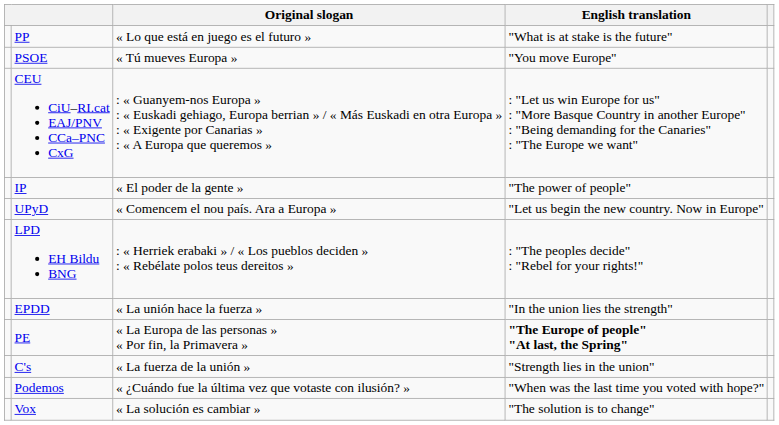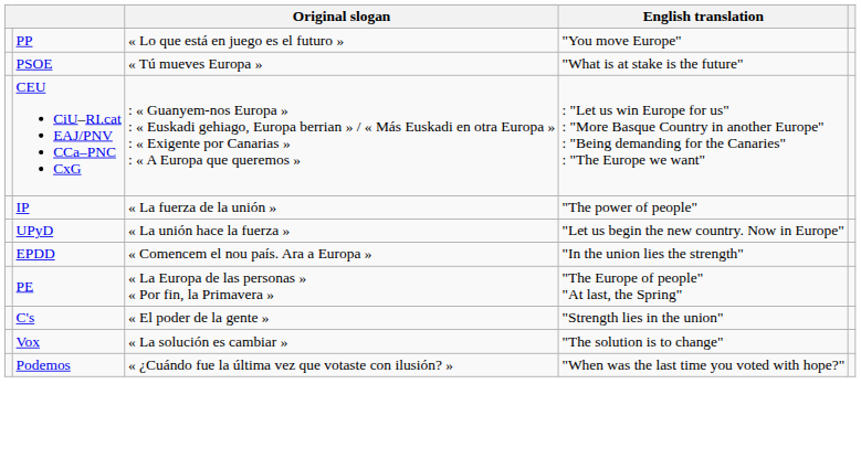 <table class="wikitable" style="text-align:left;">
 <tr>
 <th style="text-align:left;" colspan="2"></th>
 <th>Original slogan</th>
 <th>English translation</th>
 <th></th>
 </tr>
 <tr>
 <td width="1" style="color:inherit;background:"></td>
 <td><a href='#'>PP</a></td>
 <td>« Lo que está en juego es el futuro »</td>
-<td>"What is at stake is the future"</td>
+<td>"You move Europe"</td>
 <td></td>
 </tr>
 <tr>
 <td style="color:inherit;background:"></td>
 <td><a href='#'>PSOE</a></td>
 <td>« Tú mueves Europa »</td>
-<td>"You move Europe"</td>
+<td>"What is at stake is the future"</td>
 <td></td>
 </tr>
 <tr>
 <td style="color:inherit;background:"></td>
 <td><a href='#'>CEU</a><br><ul><li><a href='#'>CiU</a>–<a href='#'>RI.cat</a></li><li><a href='#'>EAJ/PNV</a></li><li><a href='#'>CCa–PNC</a></li><li><a href='#'>CxG</a></li></ul></td>
 <td>: « Guanyem-nos Europa »<br>: « Euskadi gehiago, Europa berrian » / « Más Euskadi en otra Europa »<br>: « Exigente por Canarias »<br>: « A Europa que queremos »</td>
 <td>: "Let us win Europe for us"<br>: "More Basque Country in another Europe"<br>: "Being demanding for the Canaries"<br>: "The Europe we want"</td>
 <td></td>
 </tr>
 <tr>
 <td style="color:inherit;background:"></td>
 <td><a href='#'>IP</a></td>
-<td>« El poder de la gente »</td>
+<td>« La fuerza de la unión »</td>
 <td>"The power of people"</td>
 <td></td>
 </tr>
 <tr>
 <td style="color:inherit;background:"></td>
 <td><a href='#'>UPyD</a></td>
-<td>« Comencem el nou país. Ara a Europa »</td>
+<td>« La unión hace la fuerza »</td>
 <td>"Let us begin the new country. Now in Europe"</td>
 <td><br></td>
 </tr>
 <tr>
 <td style="color:inherit;background:"></td>
-<td><a href='#'>LPD</a><br><ul><li><a href='#'>EH Bildu</a></li><li><a href='#'>BNG</a></li></ul></td>
-<td>: « Herriek erabaki » / « Los pueblos deciden »<br>: « Rebélate polos teus dereitos »</td>
-<td>: "The peoples decide"<br>: "Rebel for your rights!"</td>
-<td><br></td>
-</tr>
-<tr>
-<td style="color:inherit;background:"></td>
 <td><a href='#'>EPDD</a></td>
-<td>« La unión hace la fuerza »</td>
+<td>« Comencem el nou país. Ara a Europa »</td>
 <td>"In the union lies the strength"</td>
 <td></td>
 </tr>
 <tr>
 <td style="color:inherit;background:"></td>
 <td><a href='#'>PE</a></td>
 <td>« La Europa de las personas »<br>« Por fin, la Primavera »</td>
-<td><strong>"The Europe of people"<br>"At last, the Spring"</strong></td>
+<td>"The Europe of people"<br>"At last, the Spring"</td>
 <td><br><br></td>
 </tr>
 <tr>
 <td style="color:inherit;background:"></td>
 <td><a href='#'>C's</a></td>
-<td>« La fuerza de la unión »</td>
+<td>« El poder de la gente »</td>
 <td>"Strength lies in the union"</td>
+<td></td>
+</tr>
+<tr>
+<td style="color:inherit;background:"></td>
+<td><a href='#'>Vox</a></td>
+<td>« La solución es cambiar »</td>
+<td>"The solution is to change"</td>
 <td></td>
 </tr>
 <tr>
 <td style="color:inherit;background:"></td>
 <td><a href='#'>Podemos</a></td>
 <td>« ¿Cuándo fue la última vez que votaste con ilusión? »</td>
 <td>"When was the last time you voted with hope?"</td>
 <td></td>
 </tr>
-<tr>
-<td style="color:inherit;background:"></td>
-<td><a href='#'>Vox</a></td>
-<td>« La solución es cambiar »</td>
-<td>"The solution is to change"</td>
-<td></td>
-</tr>
 </table>
